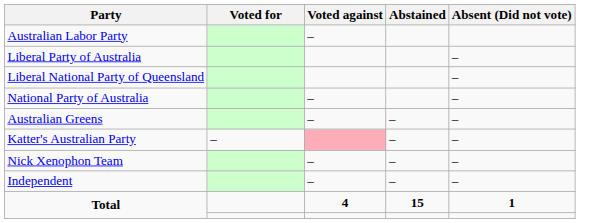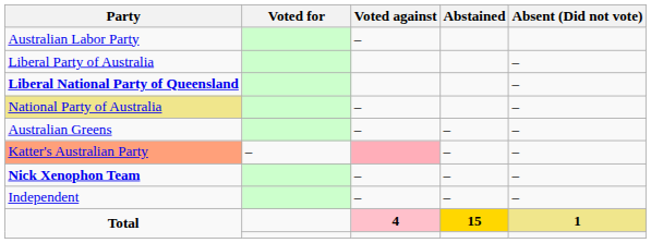 <table class="wikitable">
 <tr>
 <th>Party</th>
 <th style="width:17%;">Voted for</th>
 <th>Voted against</th>
 <th>Abstained</th>
 <th>Absent (Did not vote)</th>
 </tr>
 <tr>
 <td> <a href='#'>Australian Labor Party</a></td>
 <td style="background-color:#CCFFCC;"></td>
 <td>–</td>
 <td></td>
 <td></td>
 </tr>
 <tr>
 <td> <a href='#'>Liberal Party of Australia</a></td>
 <td style="background-color:#CCFFCC;"></td>
 <td></td>
 <td></td>
 <td>–</td>
 </tr>
 <tr>
-<td> <a href='#'>Liberal National Party of Queensland</a></td>
+<td><strong> <a href='#'>Liberal National Party of Queensland</a></strong></td>
 <td style="background-color:#CCFFCC;"></td>
 <td></td>
 <td></td>
 <td>–</td>
 </tr>
 <tr>
-<td> <a href='#'>National Party of Australia</a></td>
+<td style="background: khaki;"> <a href='#'>National Party of Australia</a></td>
 <td style="background-color:#CCFFCC;"></td>
 <td>–</td>
 <td></td>
 <td>–</td>
 </tr>
 <tr>
 <td> <a href='#'>Australian Greens</a></td>
 <td style="background-color:#CCFFCC;"></td>
 <td>–</td>
 <td>–</td>
 <td>–</td>
 </tr>
 <tr>
-<td> <a href='#'>Katter's Australian Party</a></td>
+<td style="background: lightsalmon;"> <a href='#'>Katter's Australian Party</a></td>
 <td>–</td>
 <td style="background-color:#FFAEB9;"></td>
 <td>–</td>
 <td>–</td>
 </tr>
 <tr>
-<td> <a href='#'>Nick Xenophon Team</a></td>
+<td><strong> <a href='#'>Nick Xenophon Team</a></strong></td>
 <td style="background-color:#CCFFCC;"></td>
 <td>–</td>
 <td>–</td>
 <td>–</td>
 </tr>
 <tr>
 <td> <a href='#'>Independent</a></td>
 <td style="background-color:#CCFFCC;"></td>
 <td>–</td>
 <td>–</td>
 <td>–</td>
 </tr>
 <tr>
 <td style="text-align:center;" rowspan="2"><strong>Total</strong></td>
 <td></td>
-<td style="text-align:center;"><strong>4</strong></td>
-<td style="text-align:center;"><strong>15</strong></td>
-<td style="text-align:center;"><strong>1</strong></td>
+<td style="background: pink; text-align:center;"><strong>4</strong></td>
+<td style="background: gold; text-align:center;"><strong>15</strong></td>
+<td style="background: khaki; text-align:center;"><strong>1</strong></td>
 </tr>
 <tr>
 <td style="text-align:center;"></td>
 <td style="text-align:center;"></td>
 <td style="text-align:center;"></td>
 <td style="text-align:center;"></td>
 </tr>
 </table>
